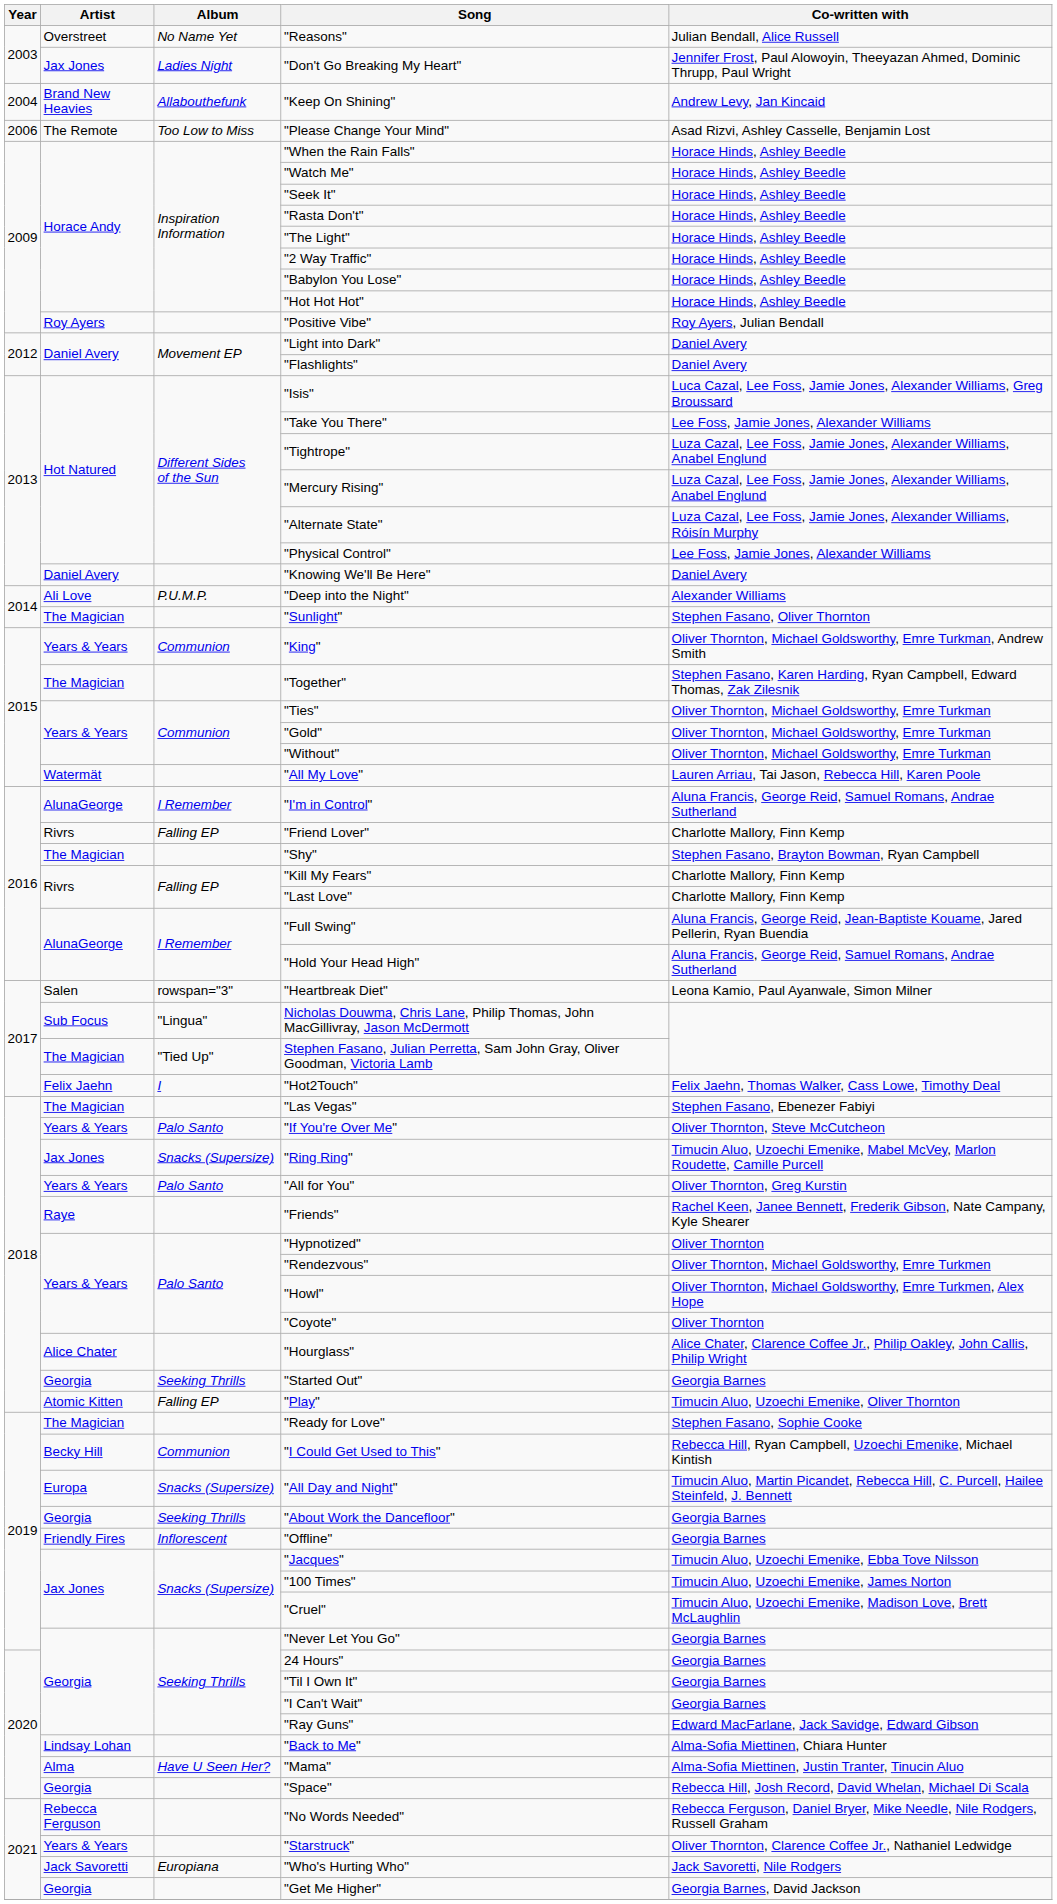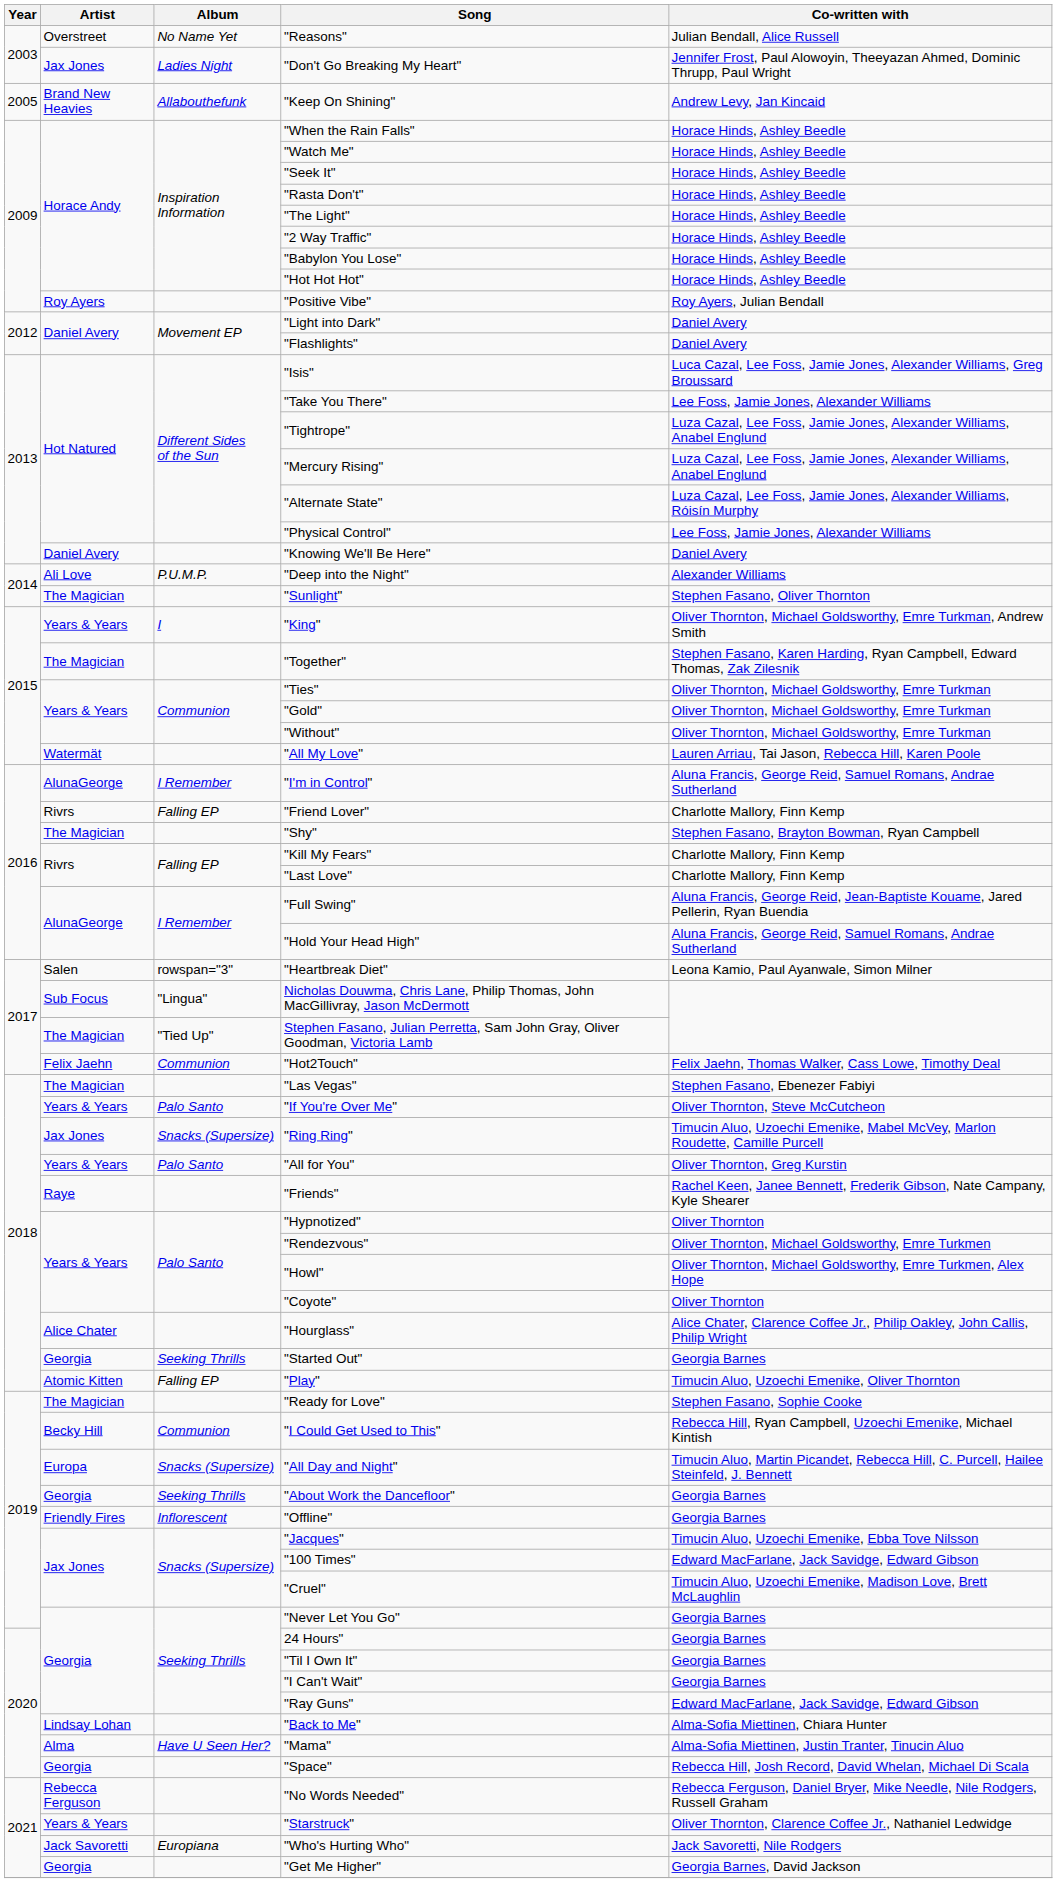 <table class="wikitable">
 <tr>
 <th>Year</th>
 <th>Artist</th>
 <th>Album</th>
 <th>Song</th>
 <th>Co-written with</th>
 </tr>
 <tr>
 <td rowspan="2">2003</td>
 <td>Overstreet</td>
 <td><em>No Name Yet</em></td>
 <td>"Reasons"</td>
 <td>Julian Bendall, <a href='#'>Alice Russell</a></td>
 </tr>
 <tr>
 <td><a href='#'>Jax Jones</a></td>
 <td><em><a href='#'>Ladies Night</a></em></td>
 <td>"Don't Go Breaking My Heart"</td>
 <td><a href='#'>Jennifer Frost</a>, Paul Alowoyin, Theeyazan Ahmed, Dominic Thrupp, Paul Wright</td>
 </tr>
 <tr>
-<td>2004</td>
+<td>2005</td>
 <td><a href='#'>Brand New Heavies</a></td>
 <td><em><a href='#'>Allabouthefunk</a></em></td>
 <td>"Keep On Shining"</td>
 <td><a href='#'>Andrew Levy</a>, <a href='#'>Jan Kincaid</a></td>
-</tr>
-<tr>
-<td>2006</td>
-<td>The Remote</td>
-<td><em>Too Low to Miss</em></td>
-<td>"Please Change Your Mind"</td>
-<td>Asad Rizvi, Ashley Casselle, Benjamin Lost</td>
 </tr>
 <tr>
 <td rowspan="9">2009</td>
 <td rowspan="8"><a href='#'>Horace Andy</a><br></td>
 <td rowspan="8"><em>Inspiration Information</em></td>
 <td>"When the Rain Falls"</td>
 <td><a href='#'>Horace Hinds</a>, <a href='#'>Ashley Beedle</a></td>
 </tr>
 <tr>
 <td>"Watch Me"</td>
 <td><a href='#'>Horace Hinds</a>, <a href='#'>Ashley Beedle</a></td>
 </tr>
 <tr>
 <td>"Seek It"</td>
 <td><a href='#'>Horace Hinds</a>, <a href='#'>Ashley Beedle</a></td>
 </tr>
 <tr>
 <td>"Rasta Don't"</td>
 <td><a href='#'>Horace Hinds</a>, <a href='#'>Ashley Beedle</a></td>
 </tr>
 <tr>
 <td>"The Light"</td>
 <td><a href='#'>Horace Hinds</a>, <a href='#'>Ashley Beedle</a></td>
 </tr>
 <tr>
 <td>"2 Way Traffic"</td>
 <td><a href='#'>Horace Hinds</a>, <a href='#'>Ashley Beedle</a></td>
 </tr>
 <tr>
 <td>"Babylon You Lose"</td>
 <td><a href='#'>Horace Hinds</a>, <a href='#'>Ashley Beedle</a></td>
 </tr>
 <tr>
 <td>"Hot Hot Hot"</td>
 <td><a href='#'>Horace Hinds</a>, <a href='#'>Ashley Beedle</a></td>
 </tr>
 <tr>
 <td><a href='#'>Roy Ayers</a></td>
 <td></td>
 <td>"Positive Vibe" </td>
 <td><a href='#'>Roy Ayers</a>, Julian Bendall</td>
 </tr>
 <tr>
 <td rowspan="2">2012</td>
 <td rowspan="2"><a href='#'>Daniel Avery</a></td>
 <td rowspan="2"><em>Movement EP</em></td>
 <td>"Light into Dark"</td>
 <td><a href='#'>Daniel Avery</a></td>
 </tr>
 <tr>
 <td>"Flashlights"</td>
 <td><a href='#'>Daniel Avery</a></td>
 </tr>
 <tr>
 <td rowspan="7">2013</td>
 <td rowspan="6"><a href='#'>Hot Natured</a></td>
 <td rowspan="6"><em><a href='#'>Different Sides<br>of the Sun</a></em></td>
 <td>"Isis" </td>
 <td><a href='#'>Luca Cazal</a>, <a href='#'>Lee Foss</a>, <a href='#'>Jamie Jones</a>, <a href='#'>Alexander Williams</a>, <a href='#'>Greg Broussard</a></td>
 </tr>
 <tr>
 <td>"Take You There"</td>
 <td><a href='#'>Lee Foss</a>, <a href='#'>Jamie Jones</a>, <a href='#'>Alexander Williams</a></td>
 </tr>
 <tr>
 <td>"Tightrope"</td>
 <td><a href='#'>Luza Cazal</a>, <a href='#'>Lee Foss</a>, <a href='#'>Jamie Jones</a>, <a href='#'>Alexander Williams</a>, <a href='#'>Anabel Englund</a></td>
 </tr>
 <tr>
 <td>"Mercury Rising" </td>
 <td><a href='#'>Luza Cazal</a>, <a href='#'>Lee Foss</a>, <a href='#'>Jamie Jones</a>, <a href='#'>Alexander Williams</a>, <a href='#'>Anabel Englund</a></td>
 </tr>
 <tr>
 <td>"Alternate State" </td>
 <td><a href='#'>Luza Cazal</a>, <a href='#'>Lee Foss</a>, <a href='#'>Jamie Jones</a>, <a href='#'>Alexander Williams</a>, <a href='#'>Róisín Murphy</a></td>
 </tr>
 <tr>
 <td>"Physical Control"</td>
 <td><a href='#'>Lee Foss</a>, <a href='#'>Jamie Jones</a>, <a href='#'>Alexander Williams</a></td>
 </tr>
 <tr>
 <td><a href='#'>Daniel Avery</a></td>
 <td></td>
 <td>"Knowing We'll Be Here"</td>
 <td><a href='#'>Daniel Avery</a></td>
 </tr>
 <tr>
 <td rowspan="2">2014</td>
 <td><a href='#'>Ali Love</a></td>
 <td><em>P.U.M.P.</em></td>
 <td>"Deep into the Night"</td>
 <td><a href='#'>Alexander Williams</a></td>
 </tr>
 <tr>
 <td><a href='#'>The Magician</a></td>
 <td></td>
 <td>"<a href='#'>Sunlight</a>" </td>
 <td><a href='#'>Stephen Fasano</a>, <a href='#'>Oliver Thornton</a></td>
 </tr>
 <tr>
 <td rowspan="6">2015</td>
 <td><a href='#'>Years & Years</a></td>
-<td><em><a href='#'>Communion</a></em></td>
+<td><em><a href='#'>I</a></em></td>
 <td>"<a href='#'>King</a>"</td>
 <td><a href='#'>Oliver Thornton</a>, <a href='#'>Michael Goldsworthy</a>, <a href='#'>Emre Turkman</a>, Andrew Smith</td>
 </tr>
 <tr>
 <td><a href='#'>The Magician</a></td>
 <td></td>
 <td>"Together"</td>
 <td><a href='#'>Stephen Fasano</a>, <a href='#'>Karen Harding</a>, Ryan Campbell, Edward Thomas, <a href='#'>Zak Zilesnik</a></td>
 </tr>
 <tr>
 <td rowspan="3"><a href='#'>Years & Years</a></td>
 <td rowspan="3"><em><a href='#'>Communion</a></em></td>
 <td>"Ties"</td>
 <td><a href='#'>Oliver Thornton</a>, <a href='#'>Michael Goldsworthy</a>, <a href='#'>Emre Turkman</a></td>
 </tr>
 <tr>
 <td>"Gold"</td>
 <td><a href='#'>Oliver Thornton</a>, <a href='#'>Michael Goldsworthy</a>, <a href='#'>Emre Turkman</a></td>
 </tr>
 <tr>
 <td>"Without"</td>
 <td><a href='#'>Oliver Thornton</a>, <a href='#'>Michael Goldsworthy</a>, <a href='#'>Emre Turkman</a></td>
 </tr>
 <tr>
 <td><a href='#'>Watermät</a></td>
 <td></td>
 <td>"<a href='#'>All My Love</a>" </td>
 <td><a href='#'>Lauren Arriau</a>, Tai Jason, <a href='#'>Rebecca Hill</a>, <a href='#'>Karen Poole</a></td>
 </tr>
 <tr>
 <td rowspan="7">2016</td>
 <td><a href='#'>AlunaGeorge</a></td>
 <td><em><a href='#'>I Remember</a></em></td>
 <td>"<a href='#'>I'm in Control</a>" </td>
 <td><a href='#'>Aluna Francis</a>, <a href='#'>George Reid</a>, <a href='#'>Samuel Romans</a>, <a href='#'>Andrae Sutherland</a></td>
 </tr>
 <tr>
 <td>Rivrs</td>
 <td><em>Falling EP</em></td>
 <td>"Friend Lover"</td>
 <td>Charlotte Mallory, Finn Kemp</td>
 </tr>
 <tr>
 <td><a href='#'>The Magician</a></td>
 <td></td>
 <td>"Shy" </td>
 <td><a href='#'>Stephen Fasano</a>, <a href='#'>Brayton Bowman</a>, Ryan Campbell</td>
 </tr>
 <tr>
 <td rowspan="2">Rivrs</td>
 <td rowspan="2"><em>Falling EP</em></td>
 <td>"Kill My Fears"</td>
 <td>Charlotte Mallory, Finn Kemp</td>
 </tr>
 <tr>
 <td>"Last Love"</td>
 <td>Charlotte Mallory, Finn Kemp</td>
 </tr>
 <tr>
 <td rowspan="2"><a href='#'>AlunaGeorge</a></td>
 <td rowspan="2"><em><a href='#'>I Remember</a></em></td>
 <td>"Full Swing" </td>
 <td><a href='#'>Aluna Francis</a>, <a href='#'>George Reid</a>, <a href='#'>Jean-Baptiste Kouame</a>, Jared Pellerin, Ryan Buendia</td>
 </tr>
 <tr>
 <td>"Hold Your Head High"</td>
 <td><a href='#'>Aluna Francis</a>, <a href='#'>George Reid</a>, <a href='#'>Samuel Romans</a>, <a href='#'>Andrae Sutherland</a></td>
 </tr>
 <tr>
 <td rowspan="4">2017</td>
 <td>Salen</td>
 <td>rowspan="3" </td>
 <td>"Heartbreak Diet"</td>
 <td>Leona Kamio, Paul Ayanwale, Simon Milner</td>
 </tr>
 <tr>
 <td><a href='#'>Sub Focus</a></td>
 <td>"Lingua" </td>
 <td><a href='#'>Nicholas Douwma</a>, <a href='#'>Chris Lane</a>, Philip Thomas, John MacGillivray, <a href='#'>Jason McDermott</a></td>
 </tr>
 <tr>
 <td><a href='#'>The Magician</a></td>
 <td>"Tied Up" </td>
 <td><a href='#'>Stephen Fasano</a>, <a href='#'>Julian Perretta</a>, Sam John Gray, Oliver Goodman, <a href='#'>Victoria Lamb</a></td>
 </tr>
 <tr>
 <td><a href='#'>Felix Jaehn</a></td>
-<td><em><a href='#'>I</a></em></td>
+<td><em><a href='#'>Communion</a></em></td>
 <td>"Hot2Touch" </td>
 <td><a href='#'>Felix Jaehn</a>, <a href='#'>Thomas Walker</a>, <a href='#'>Cass Lowe</a>, <a href='#'>Timothy Deal</a></td>
 </tr>
 <tr>
 <td rowspan="12">2018</td>
 <td><a href='#'>The Magician</a></td>
 <td></td>
 <td>"Las Vegas" </td>
 <td><a href='#'>Stephen Fasano</a>, Ebenezer Fabiyi</td>
 </tr>
 <tr>
 <td><a href='#'>Years & Years</a></td>
 <td><em><a href='#'>Palo Santo</a></em></td>
 <td>"<a href='#'>If You're Over Me</a>"</td>
 <td><a href='#'>Oliver Thornton</a>, <a href='#'>Steve McCutcheon</a></td>
 </tr>
 <tr>
 <td><a href='#'>Jax Jones</a></td>
 <td><em><a href='#'>Snacks (Supersize)</a></em></td>
 <td>"<a href='#'>Ring Ring</a>" </td>
 <td><a href='#'>Timucin Aluo</a>, <a href='#'>Uzoechi Emenike</a>, <a href='#'>Mabel McVey</a>, <a href='#'>Marlon Roudette</a>, <a href='#'>Camille Purcell</a></td>
 </tr>
 <tr>
 <td><a href='#'>Years & Years</a></td>
 <td><em><a href='#'>Palo Santo</a></em></td>
 <td>"All for You"</td>
 <td><a href='#'>Oliver Thornton</a>, <a href='#'>Greg Kurstin</a></td>
 </tr>
 <tr>
 <td><a href='#'>Raye</a></td>
 <td></td>
 <td>"Friends"</td>
 <td><a href='#'>Rachel Keen</a>, <a href='#'>Janee Bennett</a>, <a href='#'>Frederik Gibson</a>, Nate Campany, Kyle Shearer</td>
 </tr>
 <tr>
 <td rowspan="4"><a href='#'>Years & Years</a></td>
 <td rowspan="4"><em><a href='#'>Palo Santo</a></em></td>
 <td>"Hypnotized"</td>
 <td><a href='#'>Oliver Thornton</a></td>
 </tr>
 <tr>
 <td>"Rendezvous"</td>
 <td><a href='#'>Oliver Thornton</a>, <a href='#'>Michael Goldsworthy</a>, <a href='#'>Emre Turkmen</a></td>
 </tr>
 <tr>
 <td>"Howl"</td>
 <td><a href='#'>Oliver Thornton</a>, <a href='#'>Michael Goldsworthy</a>, <a href='#'>Emre Turkmen</a>, <a href='#'>Alex Hope</a></td>
 </tr>
 <tr>
 <td>"Coyote"</td>
 <td><a href='#'>Oliver Thornton</a></td>
 </tr>
 <tr>
 <td><a href='#'>Alice Chater</a></td>
 <td></td>
 <td>"Hourglass"</td>
 <td><a href='#'>Alice Chater</a>, <a href='#'>Clarence Coffee Jr.</a>, <a href='#'>Philip Oakley</a>, <a href='#'>John Callis</a>, <a href='#'>Philip Wright</a></td>
 </tr>
 <tr>
 <td><a href='#'>Georgia</a></td>
 <td><em><a href='#'>Seeking Thrills</a></em></td>
 <td>"Started Out"</td>
 <td><a href='#'>Georgia Barnes</a></td>
 </tr>
 <tr>
 <td><a href='#'>Atomic Kitten</a></td>
 <td><em>Falling EP</em></td>
 <td>"<a href='#'>Play</a>" </td>
 <td><a href='#'>Timucin Aluo</a>, <a href='#'>Uzoechi Emenike</a>, <a href='#'>Oliver Thornton</a></td>
 </tr>
 <tr>
 <td rowspan="9">2019</td>
 <td><a href='#'>The Magician</a></td>
 <td></td>
 <td>"Ready for Love"</td>
 <td><a href='#'>Stephen Fasano</a>, <a href='#'>Sophie Cooke</a></td>
 </tr>
 <tr>
 <td><a href='#'>Becky Hill</a></td>
 <td><em><a href='#'>Communion</a></em></td>
 <td>"<a href='#'>I Could Get Used to This</a>" </td>
 <td><a href='#'>Rebecca Hill</a>, Ryan Campbell, <a href='#'>Uzoechi Emenike</a>, Michael Kintish</td>
 </tr>
 <tr>
 <td><a href='#'>Europa</a></td>
 <td><em><a href='#'>Snacks (Supersize)</a></em></td>
 <td>"<a href='#'>All Day and Night</a>" </td>
 <td><a href='#'>Timucin Aluo</a>, <a href='#'>Martin Picandet</a>, <a href='#'>Rebecca Hill</a>, <a href='#'>C. Purcell</a>, <a href='#'>Hailee Steinfeld</a>, <a href='#'>J. Bennett</a></td>
 </tr>
 <tr>
 <td><a href='#'>Georgia</a></td>
 <td><em><a href='#'>Seeking Thrills</a></em></td>
 <td>"<a href='#'>About Work the Dancefloor</a>"</td>
 <td><a href='#'>Georgia Barnes</a></td>
 </tr>
 <tr>
 <td><a href='#'>Friendly Fires</a></td>
 <td><em><a href='#'>Inflorescent</a></em></td>
 <td>"Offline" </td>
 <td><a href='#'>Georgia Barnes</a></td>
 </tr>
 <tr>
 <td rowspan="3"><a href='#'>Jax Jones</a></td>
 <td rowspan="3"><em><a href='#'>Snacks (Supersize)</a></em></td>
 <td>"<a href='#'>Jacques</a>" </td>
 <td><a href='#'>Timucin Aluo</a>, <a href='#'>Uzoechi Emenike</a>, <a href='#'>Ebba Tove Nilsson</a></td>
 </tr>
 <tr>
 <td>"100 Times"</td>
-<td><a href='#'>Timucin Aluo</a>, <a href='#'>Uzoechi Emenike</a>, <a href='#'>James Norton</a></td>
+<td><a href='#'>Edward MacFarlane</a>, <a href='#'>Jack Savidge</a>, <a href='#'>Edward Gibson</a></td>
 </tr>
 <tr>
 <td>"Cruel"</td>
 <td><a href='#'>Timucin Aluo</a>, <a href='#'>Uzoechi Emenike</a>, <a href='#'>Madison Love</a>, <a href='#'>Brett McLaughlin</a></td>
 </tr>
 <tr>
 <td rowspan="5"><a href='#'>Georgia</a></td>
 <td rowspan="5"><em><a href='#'>Seeking Thrills</a></em></td>
 <td>"Never Let You Go"</td>
 <td><a href='#'>Georgia Barnes</a></td>
 </tr>
 <tr>
 <td rowspan="7">2020</td>
 <td>24 Hours"</td>
 <td><a href='#'>Georgia Barnes</a></td>
 </tr>
 <tr>
 <td>"Til I Own It"</td>
 <td><a href='#'>Georgia Barnes</a></td>
 </tr>
 <tr>
 <td>"I Can't Wait"</td>
 <td><a href='#'>Georgia Barnes</a></td>
 </tr>
 <tr>
 <td>"Ray Guns"</td>
 <td><a href='#'>Edward MacFarlane</a>, <a href='#'>Jack Savidge</a>, <a href='#'>Edward Gibson</a></td>
 </tr>
 <tr>
 <td><a href='#'>Lindsay Lohan</a></td>
 <td></td>
 <td>"<a href='#'>Back to Me</a>"</td>
 <td><a href='#'>Alma-Sofia Miettinen</a>, Chiara Hunter</td>
 </tr>
 <tr>
 <td><a href='#'>Alma</a></td>
 <td><em><a href='#'>Have U Seen Her?</a></em></td>
 <td>"Mama"</td>
 <td><a href='#'>Alma-Sofia Miettinen</a>, <a href='#'>Justin Tranter</a>, <a href='#'>Tinucin Aluo</a></td>
 </tr>
 <tr>
 <td><a href='#'>Georgia</a></td>
 <td></td>
 <td>"Space"</td>
 <td><a href='#'>Rebecca Hill</a>, <a href='#'>Josh Record</a>, <a href='#'>David Whelan</a>, <a href='#'>Michael Di Scala</a></td>
 </tr>
 <tr>
 <td rowspan="4">2021</td>
 <td><a href='#'>Rebecca Ferguson</a></td>
 <td></td>
 <td>"No Words Needed" </td>
 <td><a href='#'>Rebecca Ferguson</a>, <a href='#'>Daniel Bryer</a>, <a href='#'>Mike Needle</a>, <a href='#'>Nile Rodgers</a>, Russell Graham</td>
 </tr>
 <tr>
 <td><a href='#'>Years & Years</a></td>
 <td></td>
 <td>"<a href='#'>Starstruck</a>"</td>
 <td><a href='#'>Oliver Thornton</a>, <a href='#'>Clarence Coffee Jr.</a>, Nathaniel Ledwidge</td>
 </tr>
 <tr>
 <td><a href='#'>Jack Savoretti</a></td>
 <td><em>Europiana</em></td>
 <td>"Who's Hurting Who" </td>
 <td><a href='#'>Jack Savoretti</a>, <a href='#'>Nile Rodgers</a></td>
 </tr>
 <tr>
 <td><a href='#'>Georgia</a></td>
 <td></td>
 <td>"Get Me Higher" </td>
 <td><a href='#'>Georgia Barnes</a>, David Jackson</td>
 </tr>
 <tr>
 </tr>
 </table>
